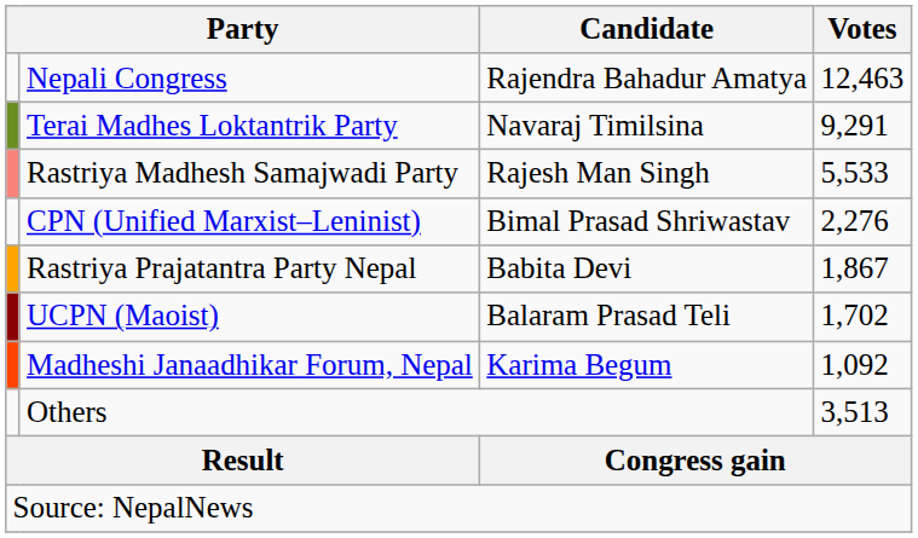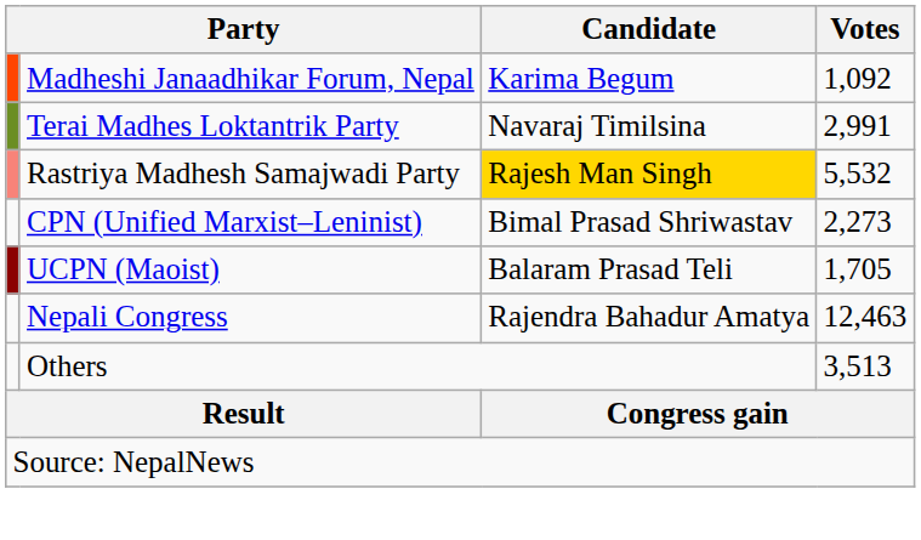 <table class="wikitable">
 <tr>
 <th colspan="2">Party</th>
 <th>Candidate</th>
 <th>Votes</th>
 </tr>
 <tr>
-<td style="background-color:"></td>
-<td><a href='#'>Nepali Congress</a></td>
-<td>Rajendra Bahadur Amatya</td>
-<td>12,463</td>
+<td style="background-color:orangered"></td>
+<td><a href='#'>Madheshi Janaadhikar Forum, Nepal</a></td>
+<td><a href='#'>Karima Begum</a></td>
+<td>1,092</td>
 </tr>
 <tr>
 <td style="background-color:olivedrab"></td>
 <td><a href='#'>Terai Madhes Loktantrik Party</a></td>
 <td>Navaraj Timilsina</td>
-<td>9,291</td>
+<td>2,991</td>
 </tr>
 <tr>
 <td style="background-color:#F88379"></td>
 <td>Rastriya Madhesh Samajwadi Party</td>
-<td>Rajesh Man Singh</td>
-<td>5,533</td>
+<td style="background: gold;">Rajesh Man Singh</td>
+<td>5,532</td>
 </tr>
 <tr>
 <td style="background-color:"></td>
 <td><a href='#'>CPN (Unified Marxist–Leninist)</a></td>
 <td>Bimal Prasad Shriwastav</td>
-<td>2,276</td>
-</tr>
-<tr>
-<td style="background-color:orange"></td>
-<td>Rastriya Prajatantra Party Nepal</td>
-<td>Babita Devi</td>
-<td>1,867</td>
+<td>2,273</td>
 </tr>
 <tr>
 <td style="background-color:darkred"></td>
 <td><a href='#'>UCPN (Maoist)</a></td>
 <td>Balaram Prasad Teli</td>
-<td>1,702</td>
+<td>1,705</td>
 </tr>
 <tr>
-<td style="background-color:orangered"></td>
-<td><a href='#'>Madheshi Janaadhikar Forum, Nepal</a></td>
-<td><a href='#'>Karima Begum</a></td>
-<td>1,092</td>
+<td style="background-color:"></td>
+<td><a href='#'>Nepali Congress</a></td>
+<td>Rajendra Bahadur Amatya</td>
+<td>12,463</td>
 </tr>
 <tr>
 <td></td>
 <td colspan="2">Others</td>
 <td>3,513</td>
 </tr>
 <tr>
 <th colspan="2">Result</th>
 <th colspan="2">Congress gain</th>
 </tr>
 <tr>
 <td colspan="4">Source: NepalNews</td>
 </tr>
 </table>
